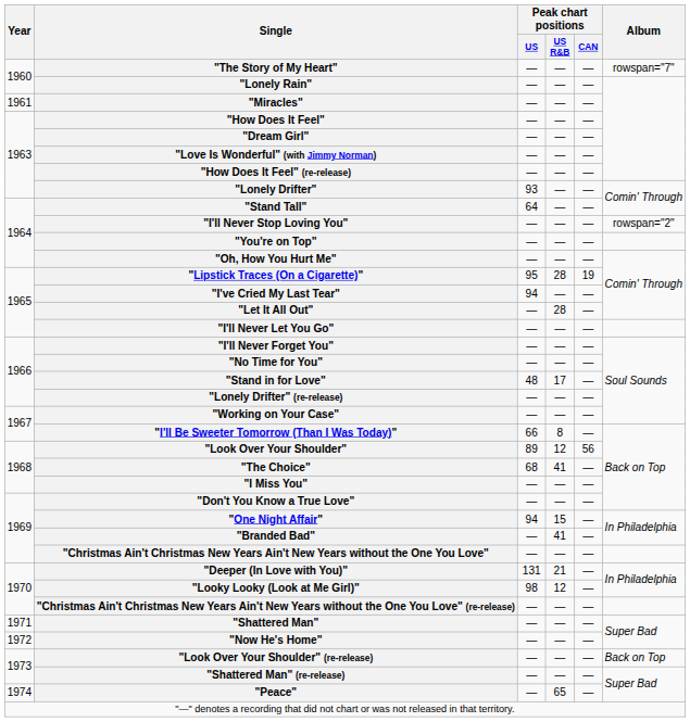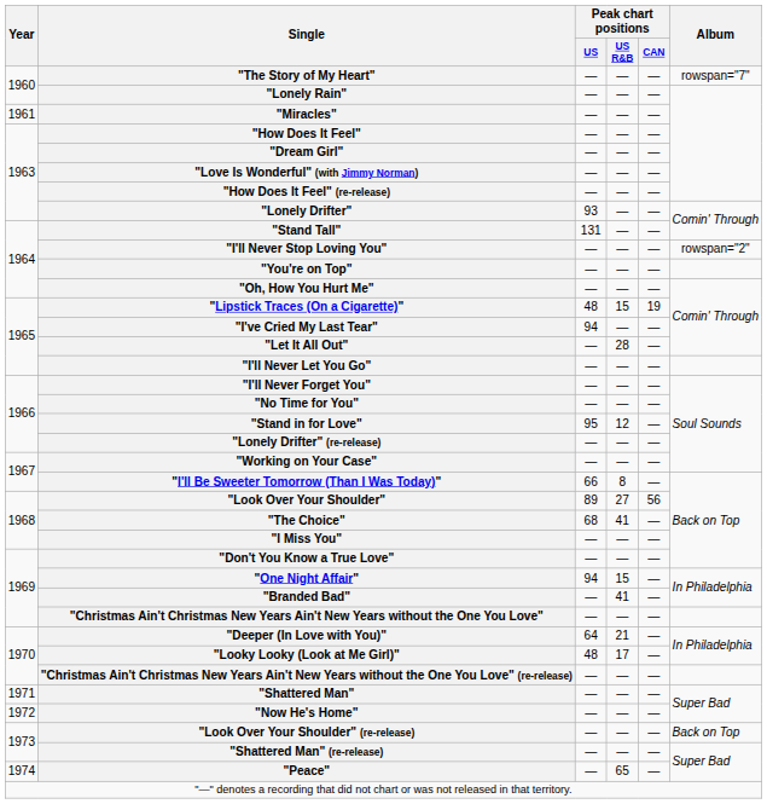 <table class="wikitable plainrowheaders" style="text-align:center;">
 <tr>
 <th rowspan="2">Year</th>
 <th rowspan="2">Single</th>
 <th colspan="3">Peak chart positions</th>
 <th rowspan="2">Album</th>
 </tr>
 <tr style="font-size:smaller;">
 <th width="35"><a href='#'>US</a><br></th>
 <th width="35"><a href='#'>US<br>R&B</a><br></th>
 <th width="35"><a href='#'>CAN</a><br></th>
 </tr>
 <tr>
 <td rowspan="2">1960</td>
 <th scope="row">"The Story of My Heart" </th>
 <td>—</td>
 <td>—</td>
 <td>—</td>
 <td>rowspan="7" </td>
 </tr>
 <tr>
 <th scope="row">"Lonely Rain" </th>
 <td>—</td>
 <td>—</td>
 <td>—</td>
 </tr>
 <tr>
 <td>1961</td>
 <th scope="row">"Miracles"</th>
 <td>—</td>
 <td>—</td>
 <td>—</td>
 </tr>
 <tr>
 <td rowspan="5">1963</td>
 <th scope="row">"How Does It Feel"</th>
 <td>—</td>
 <td>—</td>
 <td>—</td>
 </tr>
 <tr>
 <th scope="row">"Dream Girl"</th>
 <td>—</td>
 <td>—</td>
 <td>—</td>
 </tr>
 <tr>
 <th scope="row">"Love Is Wonderful" <small>(with <a href='#'>Jimmy Norman</a>)</small></th>
 <td>—</td>
 <td>—</td>
 <td>—</td>
 </tr>
 <tr>
 <th scope="row">"How Does It Feel" <small>(re-release)</small></th>
 <td>—</td>
 <td>—</td>
 <td>—</td>
 </tr>
 <tr>
 <th scope="row">"Lonely Drifter"</th>
 <td>93</td>
 <td>—</td>
 <td>—</td>
 <td align=left rowspan="2"><em>Comin' Through</em></td>
 </tr>
 <tr>
 <td rowspan="4">1964</td>
 <th scope="row">"Stand Tall"</th>
-<td>64</td>
+<td>131</td>
 <td>—</td>
 <td>—</td>
 </tr>
 <tr>
 <th scope="row">"I'll Never Stop Loving You"</th>
 <td>—</td>
 <td>—</td>
 <td>—</td>
 <td>rowspan="2" </td>
 </tr>
 <tr>
 <th scope="row">"You're on Top"</th>
 <td>—</td>
 <td>—</td>
 <td>—</td>
 </tr>
 <tr>
 <th scope="row">"Oh, How You Hurt Me"</th>
 <td>—</td>
 <td>—</td>
 <td>—</td>
 <td align=left rowspan="4"><em>Comin' Through</em></td>
 </tr>
 <tr>
 <td rowspan="4">1965</td>
 <th scope="row">"<a href='#'>Lipstick Traces (On a Cigarette)</a>"</th>
-<td>95</td>
-<td>28</td>
+<td>48</td>
+<td>15</td>
 <td>19</td>
 </tr>
 <tr>
 <th scope="row">"I've Cried My Last Tear"</th>
 <td>94</td>
 <td>—</td>
 <td>—</td>
 </tr>
 <tr>
 <th scope="row">"Let It All Out"</th>
 <td>—</td>
 <td>28</td>
 <td>—</td>
 </tr>
 <tr>
 <th scope="row">"I'll Never Let You Go"</th>
 <td>—</td>
 <td>—</td>
 <td>—</td>
 <td></td>
 </tr>
 <tr>
 <td rowspan="4">1966</td>
 <th scope="row">"I'll Never Forget You"</th>
 <td>—</td>
 <td>—</td>
 <td>—</td>
 <td align=left rowspan="5"><em>Soul Sounds</em></td>
 </tr>
 <tr>
 <th scope="row">"No Time for You"</th>
 <td>—</td>
 <td>—</td>
 <td>—</td>
 </tr>
 <tr>
 <th scope="row">"Stand in for Love"</th>
-<td>48</td>
-<td>17</td>
+<td>95</td>
+<td>12</td>
 <td>—</td>
 </tr>
 <tr>
 <th scope="row">"Lonely Drifter" <small>(re-release)</small></th>
 <td>—</td>
 <td>—</td>
 <td>—</td>
 </tr>
 <tr>
 <td rowspan="2">1967</td>
 <th scope="row">"Working on Your Case"</th>
 <td>—</td>
 <td>—</td>
 <td>—</td>
 </tr>
 <tr>
 <th scope="row">"<a href='#'>I'll Be Sweeter Tomorrow (Than I Was Today)</a>"</th>
 <td>66</td>
 <td>8</td>
 <td>—</td>
 <td align=left rowspan="5"><em>Back on Top</em></td>
 </tr>
 <tr>
 <td rowspan="3">1968</td>
 <th scope="row">"Look Over Your Shoulder"</th>
 <td>89</td>
-<td>12</td>
+<td>27</td>
 <td>56</td>
 </tr>
 <tr>
 <th scope="row">"The Choice"</th>
 <td>68</td>
 <td>41</td>
 <td>—</td>
 </tr>
 <tr>
 <th scope="row">"I Miss You"</th>
 <td>—</td>
 <td>—</td>
 <td>—</td>
 </tr>
 <tr>
 <td rowspan="4">1969</td>
 <th scope="row">"Don't You Know a True Love"</th>
 <td>—</td>
 <td>—</td>
 <td>—</td>
 </tr>
 <tr>
 <th scope="row">"<a href='#'>One Night Affair</a>"</th>
 <td>94</td>
 <td>15</td>
 <td>—</td>
 <td align=left rowspan="2"><em>In Philadelphia</em></td>
 </tr>
 <tr>
 <th scope="row">"Branded Bad"</th>
 <td>—</td>
 <td>41</td>
 <td>—</td>
 </tr>
 <tr>
 <th scope="row">"Christmas Ain't Christmas New Years Ain't New Years without the One You Love"</th>
 <td>—</td>
 <td>—</td>
 <td>—</td>
 <td></td>
 </tr>
 <tr>
 <td rowspan="3">1970</td>
 <th scope="row">"Deeper (In Love with You)"</th>
-<td>131</td>
+<td>64</td>
 <td>21</td>
 <td>—</td>
 <td align=left rowspan="2"><em>In Philadelphia</em></td>
 </tr>
 <tr>
 <th scope="row">"Looky Looky (Look at Me Girl)"</th>
-<td>98</td>
-<td>12</td>
+<td>48</td>
+<td>17</td>
 <td>—</td>
 </tr>
 <tr>
 <th scope="row">"Christmas Ain't Christmas New Years Ain't New Years without the One You Love" <small>(re-release)</small></th>
 <td>—</td>
 <td>—</td>
 <td>—</td>
 <td></td>
 </tr>
 <tr>
 <td>1971</td>
 <th scope="row">"Shattered Man"</th>
 <td>—</td>
 <td>—</td>
 <td>—</td>
 <td align=left rowspan="2"><em>Super Bad</em></td>
 </tr>
 <tr>
 <td>1972</td>
 <th scope="row">"Now He's Home"</th>
 <td>—</td>
 <td>—</td>
 <td>—</td>
 </tr>
 <tr>
 <td rowspan="2">1973</td>
 <th scope="row">"Look Over Your Shoulder" <small>(re-release)</small></th>
 <td>—</td>
 <td>—</td>
 <td>—</td>
 <td align=left><em>Back on Top</em></td>
 </tr>
 <tr>
 <th scope="row">"Shattered Man" <small>(re-release)</small></th>
 <td>—</td>
 <td>—</td>
 <td>—</td>
 <td align=left rowspan="2"><em>Super Bad</em></td>
 </tr>
 <tr>
 <td>1974</td>
 <th scope="row">"Peace"</th>
 <td>—</td>
 <td>65</td>
 <td>—</td>
 </tr>
 <tr>
 <td colspan="15" style="font-size:90%">"—" denotes a recording that did not chart or was not released in that territory.</td>
 </tr>
 </table>
